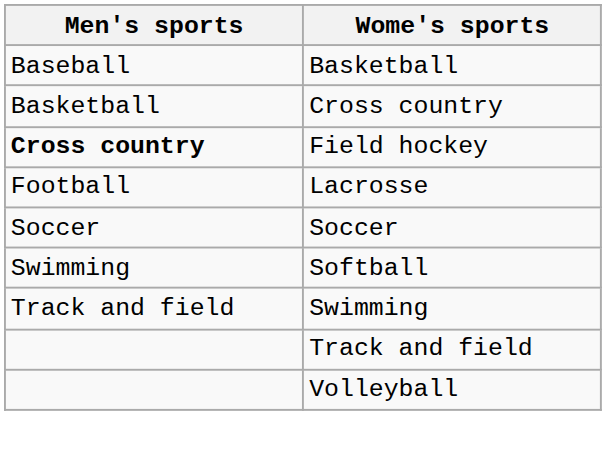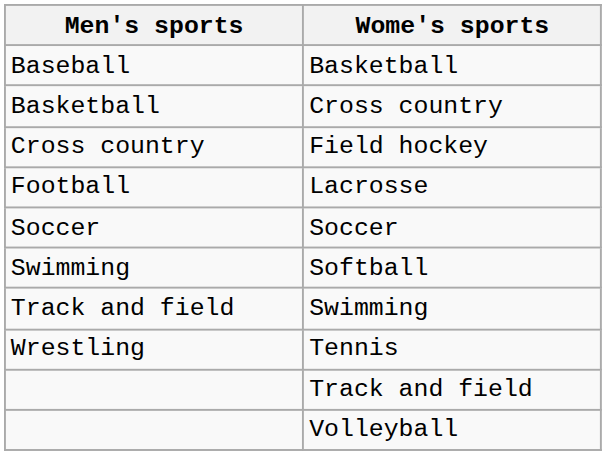 <table class="wikitable"; style= "text-align: ">
 <tr>
 <th width=150px>Men's sports</th>
 <th width=150px>Wome's sports</th>
 </tr>
 <tr>
 <td>Baseball</td>
 <td>Basketball</td>
 </tr>
 <tr>
 <td>Basketball</td>
 <td>Cross country</td>
 </tr>
 <tr>
-<td><strong>Cross country</strong></td>
+<td>Cross country</td>
 <td>Field hockey</td>
 </tr>
 <tr>
 <td>Football</td>
 <td>Lacrosse</td>
 </tr>
 <tr>
 <td>Soccer</td>
 <td>Soccer</td>
 </tr>
 <tr>
 <td>Swimming</td>
 <td>Softball</td>
 </tr>
 <tr>
 <td>Track and field</td>
 <td>Swimming</td>
 </tr>
 <tr>
+<td>Wrestling</td>
+<td>Tennis</td>
+</tr>
+<tr>
 <td></td>
 <td>Track and field</td>
 </tr>
 <tr>
 <td></td>
 <td>Volleyball</td>
 </tr>
 </table>
